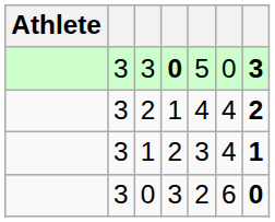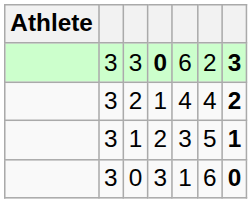 <table class=wikitable style="text-align:center">
 <tr>
 <th>Athlete</th>
 <th></th>
 <th></th>
 <th></th>
 <th></th>
 <th></th>
 <th></th>
 </tr>
 <tr bgcolor=ccffcc>
 <td style="text-align:left"></td>
 <td>3</td>
 <td>3</td>
 <td><strong>0</strong></td>
-<td>5</td>
-<td>0</td>
+<td>6</td>
+<td>2</td>
 <td><strong>3</strong></td>
 </tr>
 <tr>
 <td style="text-align:left"></td>
 <td>3</td>
 <td>2</td>
 <td>1</td>
 <td>4</td>
 <td>4</td>
 <td><strong>2</strong></td>
 </tr>
 <tr>
 <td style="text-align:left"></td>
 <td>3</td>
 <td>1</td>
 <td>2</td>
 <td>3</td>
-<td>4</td>
+<td>5</td>
 <td><strong>1</strong></td>
 </tr>
 <tr>
 <td style="text-align:left"></td>
 <td>3</td>
 <td>0</td>
 <td>3</td>
-<td>2</td>
+<td>1</td>
 <td>6</td>
 <td><strong>0</strong></td>
 </tr>
 </table>
